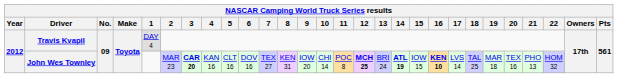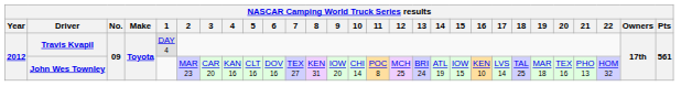 <table class="wikitable" style="text-align:center; font-size:75%">
 <tr>
 <th colspan=45><a href='#'>NASCAR Camping World Truck Series</a> results</th>
 </tr>
 <tr>
 <th>Year</th>
 <th>Driver</th>
 <th>No.</th>
 <th>Make</th>
 <th>1</th>
 <th>2</th>
 <th>3</th>
 <th>4</th>
 <th>5</th>
 <th>6</th>
 <th>7</th>
 <th>8</th>
 <th>9</th>
 <th>10</th>
 <th>11</th>
 <th>12</th>
 <th>13</th>
 <th>14</th>
 <th>15</th>
 <th>16</th>
 <th>17</th>
 <th>18</th>
 <th>19</th>
 <th>20</th>
 <th>21</th>
 <th>22</th>
 <th>Owners</th>
 <th>Pts</th>
 </tr>
 <tr>
 <th rowspan=2><a href='#'>2012</a></th>
 <th><a href='#'>Travis Kvapil</a></th>
 <th rowspan=2>09</th>
 <th rowspan=2><a href='#'>Toyota</a></th>
 <td style="background:#DFDFDF;"><a href='#'>DAY</a><br><small>4</small></td>
 <td colspan=21></td>
 <th rowspan=2>17th</th>
 <th rowspan=2>561</th>
 </tr>
 <tr>
 <th><a href='#'>John Wes Townley</a></th>
 <td></td>
 <td style="background:#CFCFFF;"><a href='#'>MAR</a><br><small>23</small></td>
-<td style="background:#DFFFDF;"><strong><a href='#'>CAR</a><br><small>20</small></strong></td>
+<td style="background:#DFFFDF;"><a href='#'>CAR</a><br><small>20</small></td>
 <td style="background:#DFFFDF;"><a href='#'>KAN</a><br><small>16</small></td>
 <td style="background:#DFFFDF;"><a href='#'>CLT</a><br><small>16</small></td>
 <td style="background:#DFFFDF;"><a href='#'>DOV</a><br><small>16</small></td>
 <td style="background:#CFCFFF;"><a href='#'>TEX</a><br><small>27</small></td>
 <td style="background:#EFCFFF;"><a href='#'>KEN</a><br><small>31</small></td>
 <td style="background:#DFFFDF;"><a href='#'>IOW</a><br><small>20</small></td>
 <td style="background:#DFFFDF;"><a href='#'>CHI</a><br><small>14</small></td>
 <td style="background:#FFDF9F;"><a href='#'>POC</a><br><small>8</small></td>
-<td style="background:#EFCFFF;"><strong><a href='#'>MCH</a><br><small>25</small></strong></td>
+<td style="background:#EFCFFF;"><a href='#'>MCH</a><br><small>25</small></td>
 <td style="background:#CFCFFF;"><a href='#'>BRI</a><br><small>24</small></td>
-<td style="background:#DFFFDF;"><strong><a href='#'>ATL</a><br><small>19</small></strong></td>
+<td style="background:#DFFFDF;"><a href='#'>ATL</a><br><small>19</small></td>
 <td style="background:#DFFFDF;"><a href='#'>IOW</a><br><small>15</small></td>
-<td style="background:#FFDF9F;"><strong><a href='#'>KEN</a><br><small>10</small></strong></td>
+<td style="background:#FFDF9F;"><a href='#'>KEN</a><br><small>10</small></td>
 <td style="background:#DFFFDF;"><a href='#'>LVS</a><br><small>14</small></td>
 <td style="background:#CFCFFF;"><a href='#'>TAL</a><br><small>25</small></td>
 <td style="background:#DFFFDF;"><a href='#'>MAR</a><br><small>18</small></td>
 <td style="background:#DFFFDF;"><a href='#'>TEX</a><br><small>16</small></td>
 <td style="background:#DFFFDF;"><a href='#'>PHO</a><br><small>13</small></td>
 <td style="background:#CFCFFF;"><a href='#'>HOM</a><br><small>32</small></td>
 </tr>
 </table>
